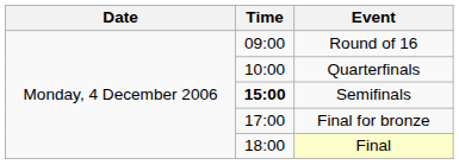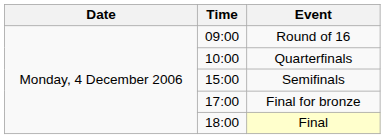 <table class = "wikitable" style="text-align:center;">
 <tr>
 <th width=220>Date</th>
 <th width=50>Time</th>
 <th width=150>Event</th>
 </tr>
 <tr>
 <td rowspan=5>Monday, 4 December 2006</td>
 <td>09:00</td>
 <td>Round of 16</td>
 </tr>
 <tr>
 <td>10:00</td>
 <td>Quarterfinals</td>
 </tr>
 <tr>
-<td><strong>15:00</strong></td>
+<td>15:00</td>
 <td>Semifinals</td>
 </tr>
 <tr>
 <td>17:00</td>
 <td>Final for bronze</td>
 </tr>
 <tr>
 <td>18:00</td>
 <td bgcolor=ffffcc>Final</td>
 </tr>
 </table>
